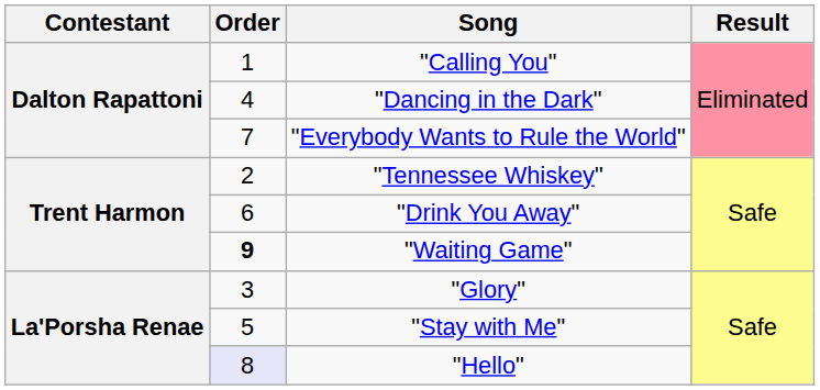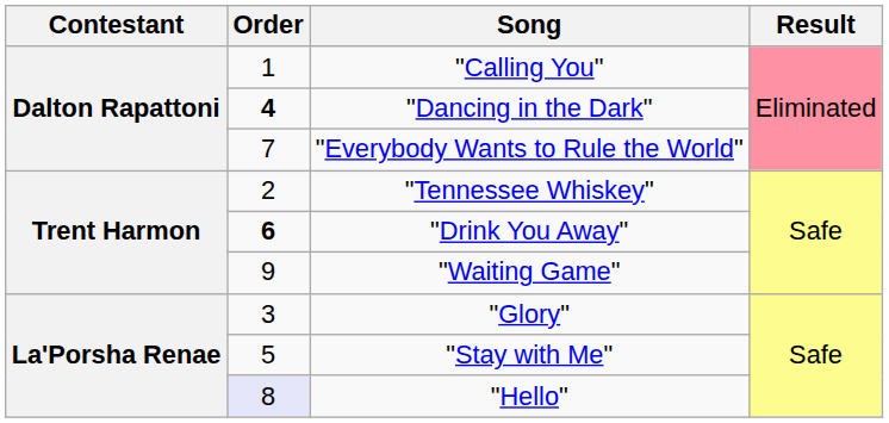 <table class="wikitable unsortable" style="text-align:center;">
 <tr>
 <th scope="col">Contestant</th>
 <th scope="col">Order</th>
 <th scope="col">Song</th>
 <th scope="col">Result</th>
 </tr>
 <tr>
 <th scope="row" rowspan="3">Dalton Rapattoni</th>
 <td>1</td>
 <td>"<a href='#'>Calling You</a>"</td>
 <td rowspan="3" bgcolor="FF91A4">Eliminated</td>
 </tr>
 <tr>
-<td>4</td>
+<td><strong>4</strong></td>
 <td>"<a href='#'>Dancing in the Dark</a>"</td>
 </tr>
 <tr>
 <td>7</td>
 <td>"<a href='#'>Everybody Wants to Rule the World</a>"</td>
 </tr>
 <tr>
 <th scope="row" rowspan="3">Trent Harmon</th>
 <td>2</td>
 <td>"<a href='#'>Tennessee Whiskey</a>"</td>
 <td rowspan="3" style="background:#FDFC8F">Safe</td>
 </tr>
 <tr>
-<td>6</td>
+<td><strong>6</strong></td>
 <td>"<a href='#'>Drink You Away</a>"</td>
 </tr>
 <tr>
-<td><strong>9</strong></td>
+<td>9</td>
 <td>"<a href='#'>Waiting Game</a>"</td>
 </tr>
 <tr>
 <th scope="row" rowspan="3">La'Porsha Renae</th>
 <td>3</td>
 <td>"<a href='#'>Glory</a>"</td>
 <td rowspan="3" style="background:#FDFC8F">Safe</td>
 </tr>
 <tr>
 <td>5</td>
 <td>"<a href='#'>Stay with Me</a>"</td>
 </tr>
 <tr>
 <td style="background: lavender;">8</td>
 <td>"<a href='#'>Hello</a>"</td>
 </tr>
 </table>
